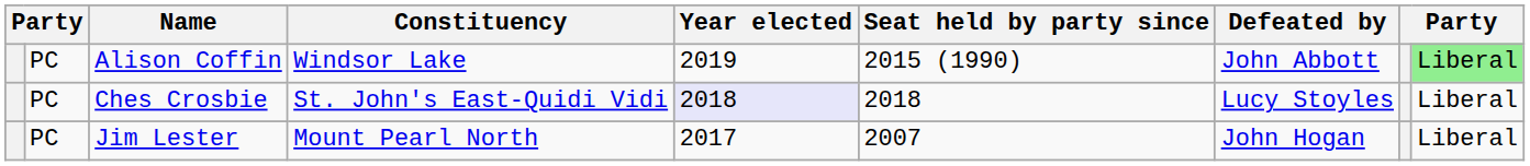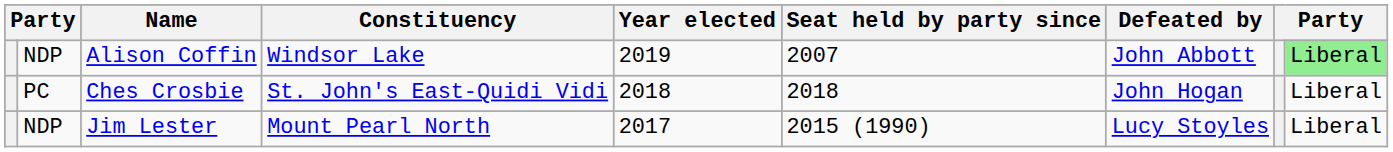 <table class="wikitable sortable" style="font-size: 95%;">
 <tr>
 <th colspan="2">Party</th>
 <th>Name</th>
 <th>Constituency</th>
 <th>Year elected</th>
 <th>Seat held by party since</th>
 <th>Defeated by</th>
 <th colspan="2">Party</th>
 </tr>
 <tr>
 <th style="background-color:"></th>
-<td>PC</td>
+<td>NDP</td>
 <td><a href='#'>Alison Coffin</a></td>
 <td><a href='#'>Windsor Lake</a></td>
 <td>2019</td>
-<td>2015 (1990)</td>
+<td>2007</td>
 <td><a href='#'>John Abbott</a></td>
 <th style="background-color:"></th>
 <td style="background: lightgreen;">Liberal</td>
 </tr>
 <tr>
 <th style="background-color:"></th>
 <td>PC</td>
 <td><a href='#'>Ches Crosbie</a></td>
 <td><a href='#'>St. John's East-Quidi Vidi</a></td>
-<td style="background: lavender;">2018</td>
 <td>2018</td>
-<td><a href='#'>Lucy Stoyles</a></td>
+<td>2018</td>
+<td><a href='#'>John Hogan</a></td>
 <th style="background-color:"></th>
 <td>Liberal</td>
 </tr>
 <tr>
 <th style="background-color:"></th>
-<td>PC</td>
+<td>NDP</td>
 <td><a href='#'>Jim Lester</a></td>
 <td><a href='#'>Mount Pearl North</a></td>
 <td>2017</td>
-<td>2007</td>
-<td><a href='#'>John Hogan</a></td>
+<td>2015 (1990)</td>
+<td><a href='#'>Lucy Stoyles</a></td>
 <th style="background-color:"></th>
 <td>Liberal</td>
 </tr>
 </table>
